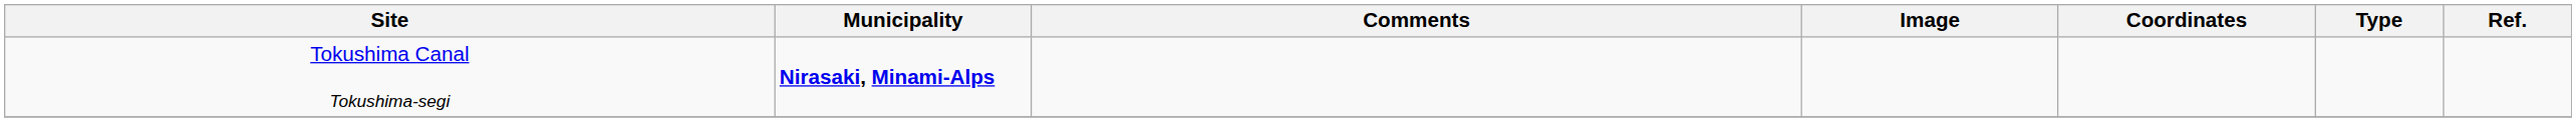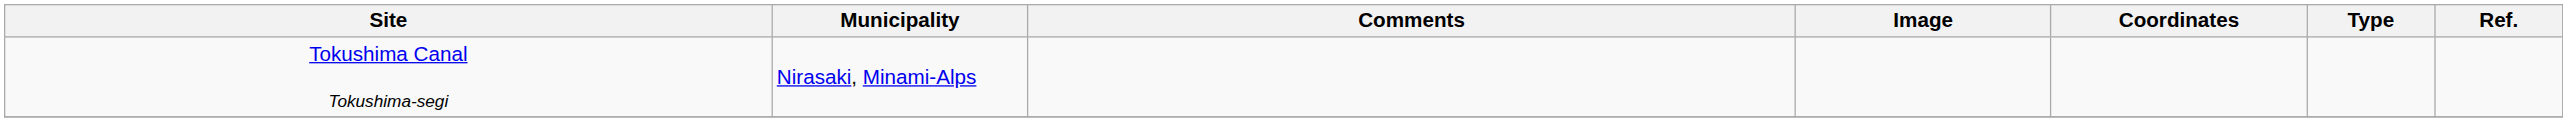 <table class="wikitable sortable"  style="width:100%;">
 <tr>
 <th width="30%" align="left">Site</th>
 <th width="10%" align="left">Municipality</th>
 <th width="30%" align="left" class="unsortable">Comments</th>
 <th width="10%" align="left"  class="unsortable">Image</th>
 <th width="10%" align="left" class="unsortable">Coordinates</th>
 <th width="5%" align="left">Type</th>
 <th width="5%" align="left"  class="unsortable">Ref.</th>
 </tr>
 <tr>
 <td align="center"><a href='#'>Tokushima Canal</a><br><br><small><em>Tokushima-segi</em></small></td>
-<td><strong><a href='#'>Nirasaki</a>, <a href='#'>Minami-Alps</a></strong></td>
+<td><a href='#'>Nirasaki</a>, <a href='#'>Minami-Alps</a></td>
 <td></td>
 <td></td>
 <td></td>
 <td></td>
 <td></td>
 </tr>
 <tr>
 </tr>
 </table>
